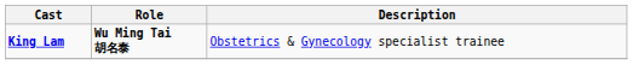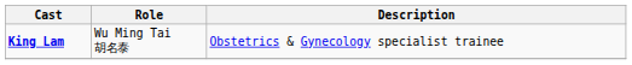 <table class="wikitable" width="55%">
 <tr>
 <th>Cast</th>
 <th>Role</th>
 <th>Description</th>
 </tr>
 <tr>
 <td><strong><a href='#'>King Lam</a></strong></td>
-<td><strong>Wu Ming Tai<br>胡名泰</strong></td>
+<td>Wu Ming Tai<br>胡名泰</td>
 <td><a href='#'>Obstetrics</a> & <a href='#'>Gynecology</a> specialist trainee</td>
 </tr>
 <tr>
 </tr>
 </table>
